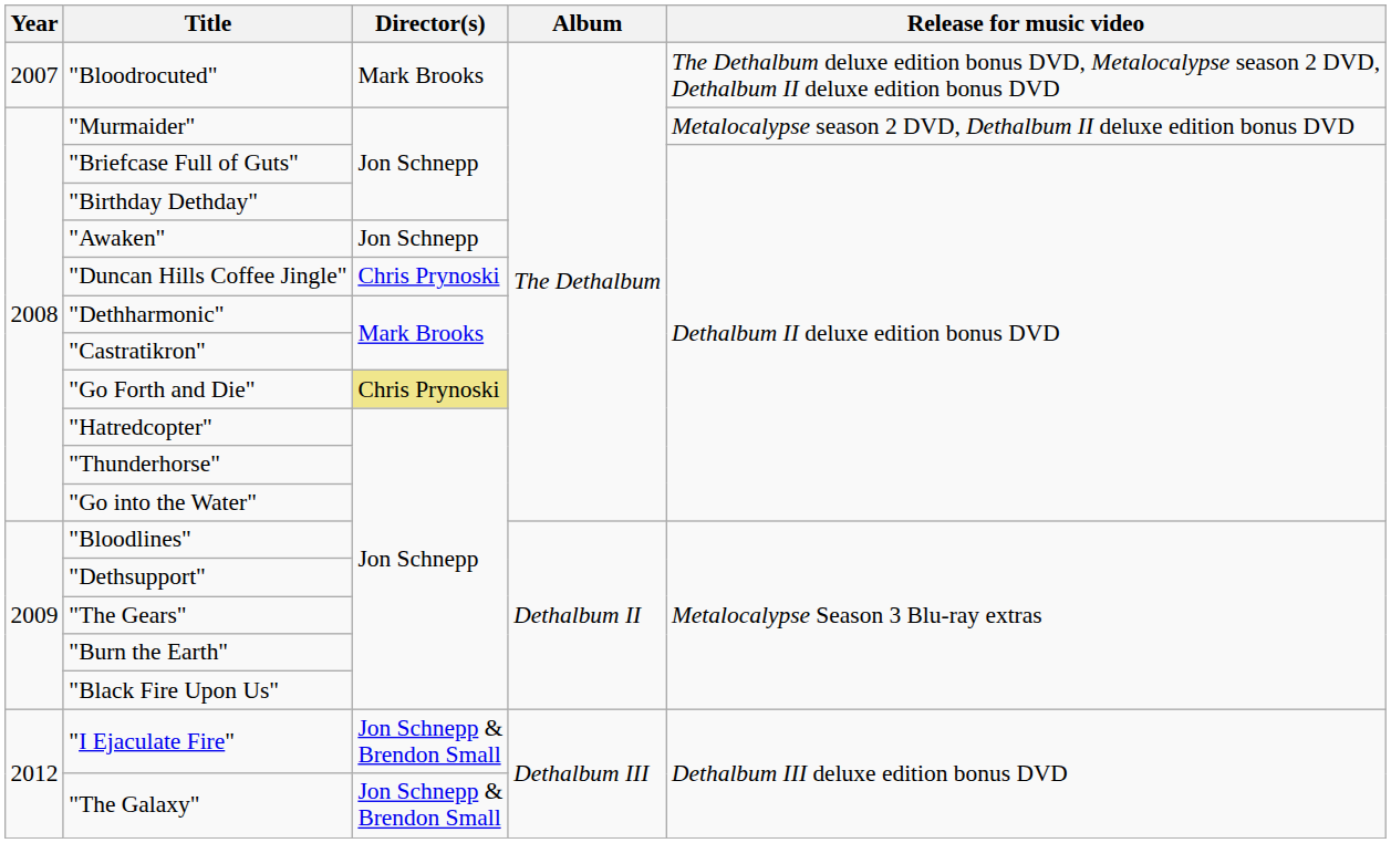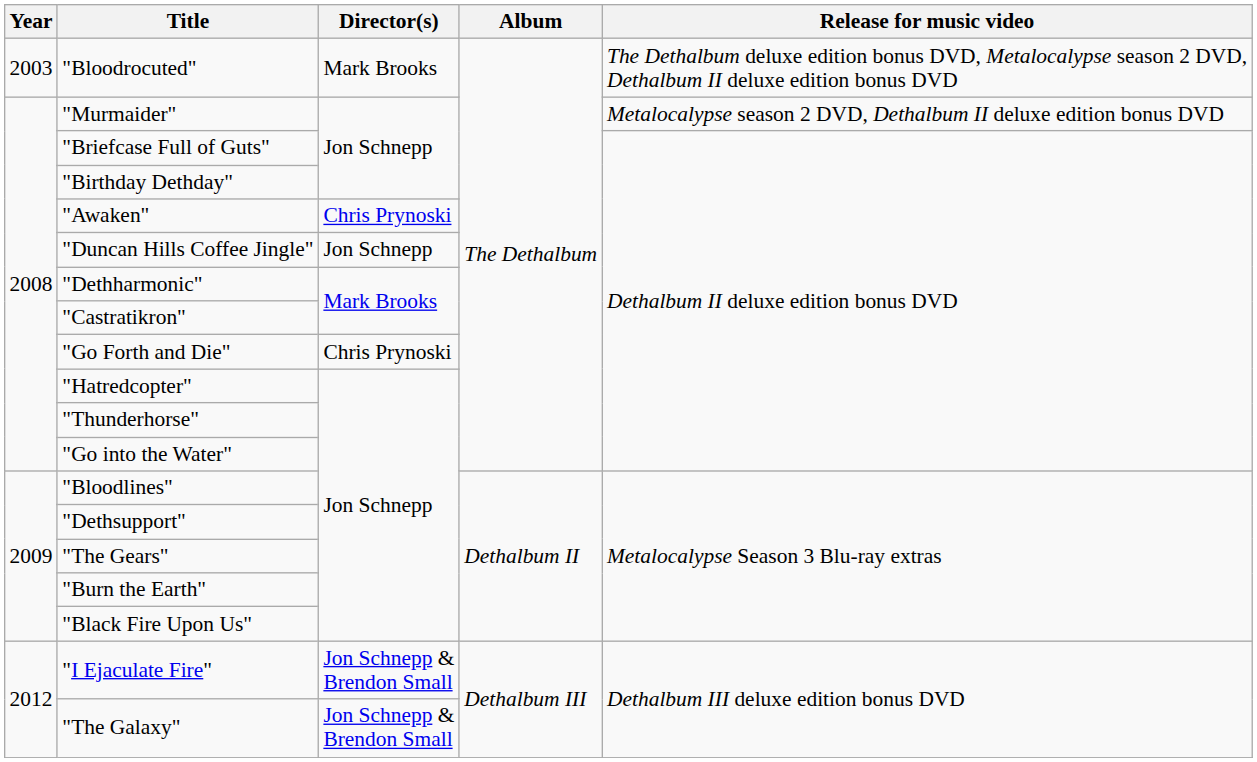 <table class="wikitable">
 <tr>
 <th>Year</th>
 <th>Title</th>
 <th>Director(s)</th>
 <th>Album</th>
 <th>Release for music video</th>
 </tr>
 <tr>
-<td>2007</td>
+<td>2003</td>
 <td>"Bloodrocuted"</td>
 <td rowspan="1">Mark Brooks</td>
 <td rowspan="12"><em>The Dethalbum</em></td>
 <td><em>The Dethalbum</em> deluxe edition bonus DVD, <em>Metalocalypse</em> season 2 DVD,<br><em>Dethalbum II</em> deluxe edition bonus DVD</td>
 </tr>
 <tr>
 <td rowspan="11">2008</td>
 <td>"Murmaider"</td>
 <td rowspan="3">Jon Schnepp</td>
 <td><em>Metalocalypse</em> season 2 DVD, <em>Dethalbum II</em> deluxe edition bonus DVD</td>
 </tr>
 <tr>
 <td>"Briefcase Full of Guts"</td>
 <td rowspan="10"><em>Dethalbum II</em> deluxe edition bonus DVD</td>
 </tr>
 <tr>
 <td>"Birthday Dethday"</td>
 </tr>
 <tr>
 <td>"Awaken"</td>
-<td>Jon Schnepp</td>
+<td><a href='#'>Chris Prynoski</a></td>
 </tr>
 <tr>
 <td>"Duncan Hills Coffee Jingle"</td>
-<td><a href='#'>Chris Prynoski</a></td>
+<td>Jon Schnepp</td>
 </tr>
 <tr>
 <td>"Dethharmonic"</td>
 <td rowspan="2"><a href='#'>Mark Brooks</a></td>
 </tr>
 <tr>
 <td>"Castratikron"</td>
 </tr>
 <tr>
 <td>"Go Forth and Die"</td>
-<td style="background: khaki;">Chris Prynoski</td>
+<td>Chris Prynoski</td>
 </tr>
 <tr>
 <td>"Hatredcopter"</td>
 <td rowspan="8">Jon Schnepp</td>
 </tr>
 <tr>
 <td>"Thunderhorse"</td>
 </tr>
 <tr>
 <td>"Go into the Water"</td>
 </tr>
 <tr>
 <td rowspan="5">2009</td>
 <td>"Bloodlines"</td>
 <td rowspan="5"><em>Dethalbum II</em></td>
 <td rowspan="5"><em>Metalocalypse</em> Season 3 Blu-ray extras</td>
 </tr>
 <tr>
 <td>"Dethsupport"</td>
 </tr>
 <tr>
 <td>"The Gears"</td>
 </tr>
 <tr>
 <td>"Burn the Earth"</td>
 </tr>
 <tr>
 <td>"Black Fire Upon Us"</td>
 </tr>
 <tr>
 <td rowspan="2">2012</td>
 <td>"<a href='#'>I Ejaculate Fire</a>"</td>
 <td><a href='#'>Jon Schnepp</a> &<br><a href='#'>Brendon Small</a></td>
 <td rowspan="2"><em>Dethalbum III</em></td>
 <td rowspan="2"><em>Dethalbum III</em> deluxe edition bonus DVD</td>
 </tr>
 <tr>
 <td>"The Galaxy"</td>
 <td><a href='#'>Jon Schnepp</a> &<br><a href='#'>Brendon Small</a></td>
 </tr>
 </table>
